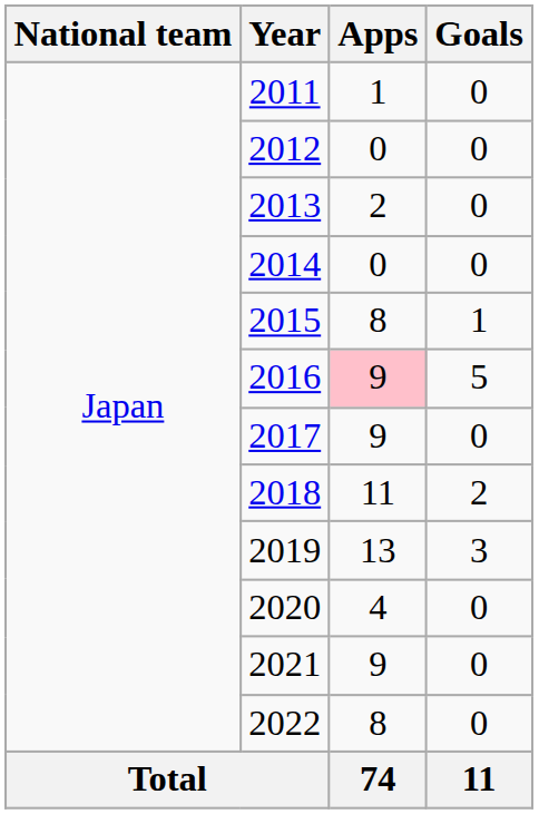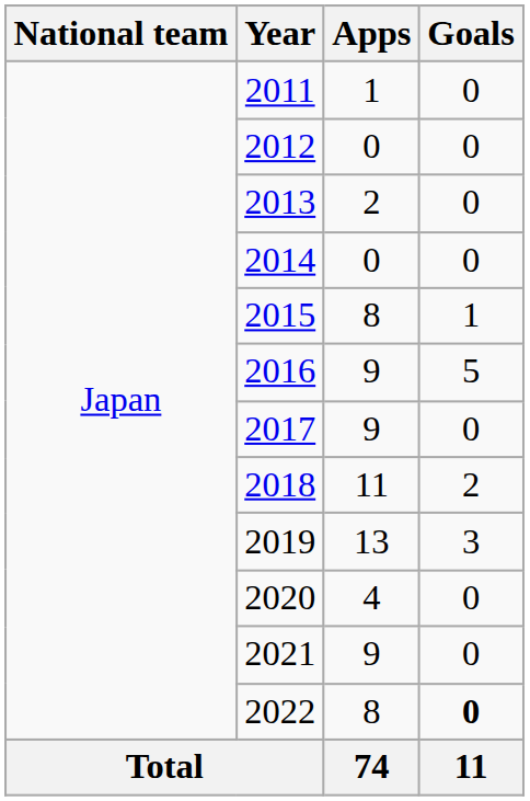 <table class="wikitable" style="text-align:center">
 <tr>
 <th>National team</th>
 <th>Year</th>
 <th>Apps</th>
 <th>Goals</th>
 </tr>
 <tr>
 <td rowspan="12"><a href='#'>Japan</a></td>
 <td><a href='#'>2011</a></td>
 <td>1</td>
 <td>0</td>
 </tr>
 <tr>
 <td><a href='#'>2012</a></td>
 <td>0</td>
 <td>0</td>
 </tr>
 <tr>
 <td><a href='#'>2013</a></td>
 <td>2</td>
 <td>0</td>
 </tr>
 <tr>
 <td><a href='#'>2014</a></td>
 <td>0</td>
 <td>0</td>
 </tr>
 <tr>
 <td><a href='#'>2015</a></td>
 <td>8</td>
 <td>1</td>
 </tr>
 <tr>
 <td><a href='#'>2016</a></td>
-<td style="background: pink;">9</td>
+<td>9</td>
 <td>5</td>
 </tr>
 <tr>
 <td><a href='#'>2017</a></td>
 <td>9</td>
 <td>0</td>
 </tr>
 <tr>
 <td><a href='#'>2018</a></td>
 <td>11</td>
 <td>2</td>
 </tr>
 <tr>
 <td>2019</td>
 <td>13</td>
 <td>3</td>
 </tr>
 <tr>
 <td>2020</td>
 <td>4</td>
 <td>0</td>
 </tr>
 <tr>
 <td>2021</td>
 <td>9</td>
 <td>0</td>
 </tr>
 <tr>
 <td>2022</td>
 <td>8</td>
-<td>0</td>
+<td><strong>0</strong></td>
 </tr>
 <tr>
 <th colspan="2">Total</th>
 <th>74</th>
 <th>11</th>
 </tr>
 </table>
